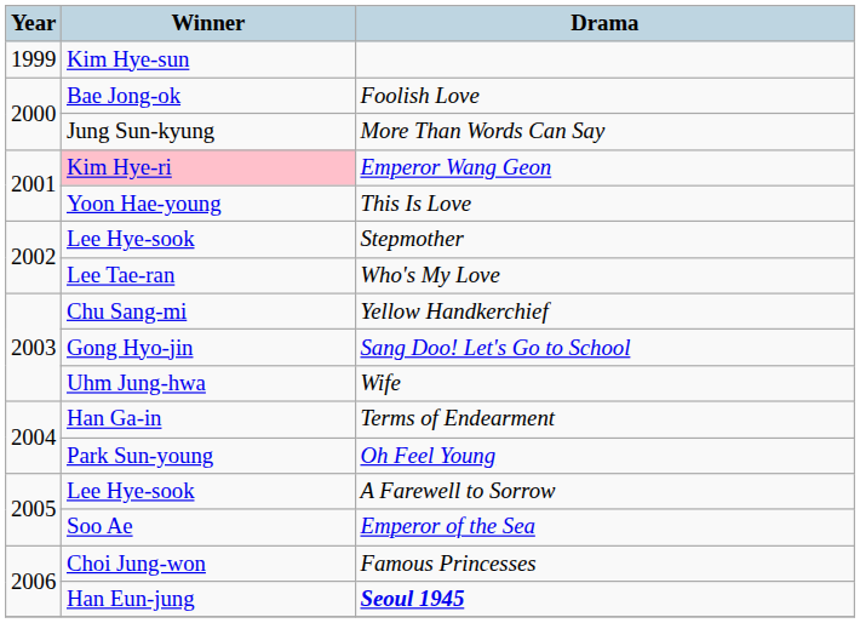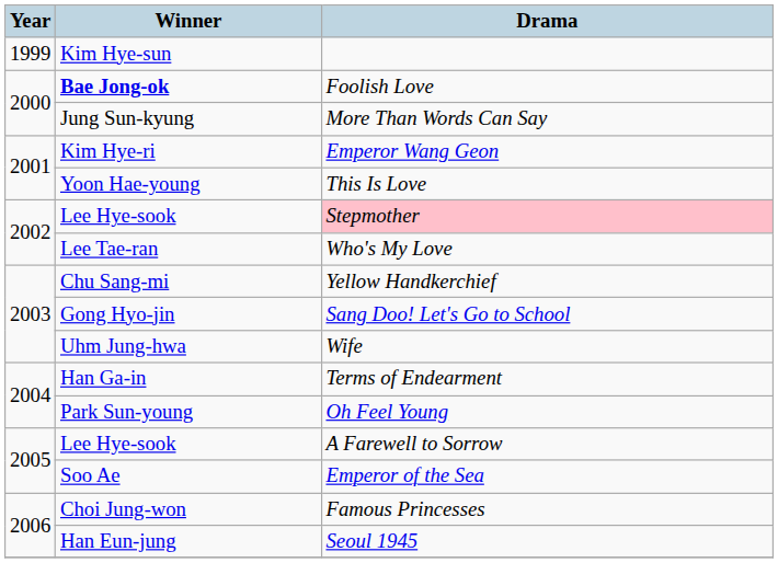 <table class="wikitable" style="width:600px">
 <tr>
 <th style="background:#BED5E1;" width=30>Year</th>
 <th style="background:#BED5E1;">Winner</th>
 <th style="background:#BED5E1;">Drama</th>
 </tr>
 <tr>
 <td>1999</td>
 <td><a href='#'>Kim Hye-sun</a></td>
 <td></td>
 </tr>
 <tr>
 <td rowspan=2>2000</td>
-<td><a href='#'>Bae Jong-ok</a></td>
+<td><strong><a href='#'>Bae Jong-ok</a></strong></td>
 <td><em>Foolish Love</em></td>
 </tr>
 <tr>
 <td>Jung Sun-kyung</td>
 <td><em>More Than Words Can Say</em></td>
 </tr>
 <tr>
 <td rowspan=2>2001</td>
-<td style="background: pink;"><a href='#'>Kim Hye-ri</a></td>
+<td><a href='#'>Kim Hye-ri</a></td>
 <td><em><a href='#'>Emperor Wang Geon</a></em></td>
 </tr>
 <tr>
 <td><a href='#'>Yoon Hae-young</a></td>
 <td><em>This Is Love</em></td>
 </tr>
 <tr>
 <td rowspan=2>2002</td>
 <td><a href='#'>Lee Hye-sook</a></td>
-<td><em>Stepmother</em></td>
+<td style="background: pink;"><em>Stepmother</em></td>
 </tr>
 <tr>
 <td><a href='#'>Lee Tae-ran</a></td>
 <td><em>Who's My Love</em></td>
 </tr>
 <tr>
 <td rowspan=3>2003</td>
 <td><a href='#'>Chu Sang-mi</a></td>
 <td><em>Yellow Handkerchief</em></td>
 </tr>
 <tr>
 <td><a href='#'>Gong Hyo-jin</a></td>
 <td><em><a href='#'>Sang Doo! Let's Go to School</a></em></td>
 </tr>
 <tr>
 <td><a href='#'>Uhm Jung-hwa</a></td>
 <td><em>Wife</em></td>
 </tr>
 <tr>
 <td rowspan=2>2004</td>
 <td><a href='#'>Han Ga-in</a></td>
 <td><em>Terms of Endearment</em></td>
 </tr>
 <tr>
 <td><a href='#'>Park Sun-young</a></td>
 <td><em><a href='#'>Oh Feel Young</a></em></td>
 </tr>
 <tr>
 <td rowspan=2>2005</td>
 <td><a href='#'>Lee Hye-sook</a></td>
 <td><em>A Farewell to Sorrow</em></td>
 </tr>
 <tr>
 <td><a href='#'>Soo Ae</a></td>
 <td><em><a href='#'>Emperor of the Sea</a></em></td>
 </tr>
 <tr>
 <td rowspan=2>2006</td>
 <td><a href='#'>Choi Jung-won</a></td>
 <td><em>Famous Princesses</em></td>
 </tr>
 <tr>
 <td><a href='#'>Han Eun-jung</a></td>
-<td><strong><em><a href='#'>Seoul 1945</a></em></strong></td>
+<td><em><a href='#'>Seoul 1945</a></em></td>
 </tr>
 <tr>
 </tr>
 </table>
